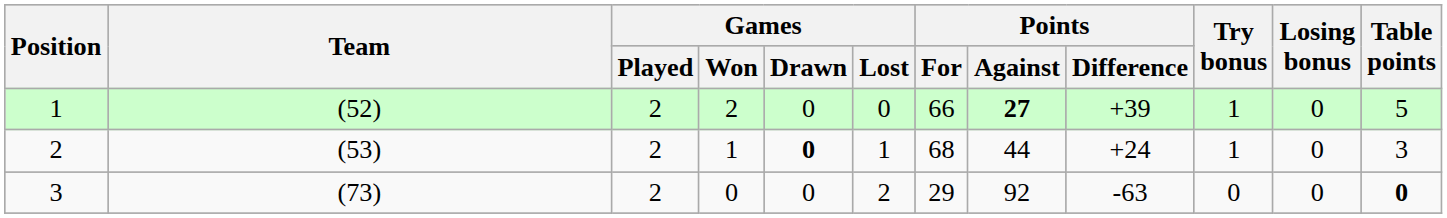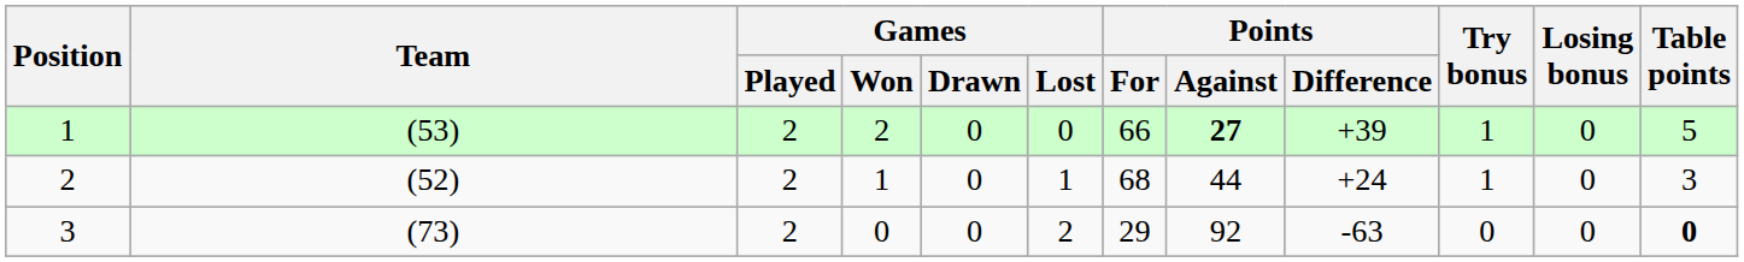 <table class="wikitable" style="text-align: center;">
 <tr>
 <th rowspan="2" width="20">Position</th>
 <th rowspan="2" width="300">Team</th>
 <th colspan="4">Games</th>
 <th colspan="3">Points</th>
 <th rowspan="2" width="20">Try bonus</th>
 <th rowspan="2" width="20">Losing bonus</th>
 <th rowspan="2" width="20">Table points</th>
 </tr>
 <tr>
 <th width="20">Played</th>
 <th width="20">Won</th>
 <th width="20">Drawn</th>
 <th width="20">Lost</th>
 <th width="20">For</th>
 <th width="20">Against</th>
 <th width="20">Difference</th>
 </tr>
 <tr bgcolor="#ccffcc">
 <td>1</td>
-<td> (52)</td>
+<td> (53)</td>
 <td>2</td>
 <td>2</td>
 <td>0</td>
 <td>0</td>
 <td>66</td>
 <td><strong>27</strong></td>
 <td>+39</td>
 <td>1</td>
 <td>0</td>
 <td>5</td>
 </tr>
 <tr>
 <td>2</td>
-<td> (53)</td>
+<td> (52)</td>
 <td>2</td>
 <td>1</td>
-<td><strong>0</strong></td>
+<td>0</td>
 <td>1</td>
 <td>68</td>
 <td>44</td>
 <td>+24</td>
 <td>1</td>
 <td>0</td>
 <td>3</td>
 </tr>
 <tr>
 <td>3</td>
 <td> (73)</td>
 <td>2</td>
 <td>0</td>
 <td>0</td>
 <td>2</td>
 <td>29</td>
 <td>92</td>
 <td>-63</td>
 <td>0</td>
 <td>0</td>
 <td><strong>0</strong></td>
 </tr>
 </table>
